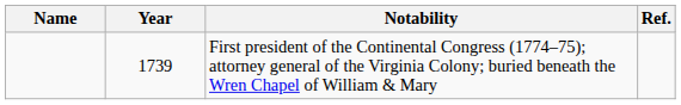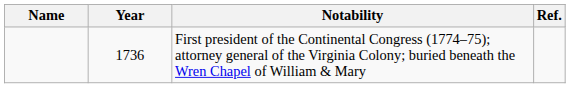 <table class="wikitable sortable" style="width:100%">
 <tr>
 <th width="15%">Name</th>
 <th width="15%">Year</th>
 <th width="65%" class="unsortable">Notability</th>
 <th width="5%" class="unsortable">Ref.</th>
 </tr>
 <tr>
 <td></td>
-<td align="center">1739</td>
+<td align="center">1736</td>
 <td>First president of the Continental Congress (1774–75); attorney general of the Virginia Colony; buried beneath the <a href='#'>Wren Chapel</a> of William & Mary</td>
 <td align="center"></td>
 </tr>
 </table>
